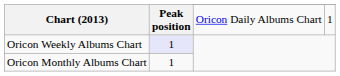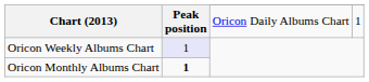 <table class="wikitable sortable" border="1">
 <tr>
 <th rowspan="2">Chart (2013)</th>
 <th rowspan="2">Peak<br>position</th>
 </tr>
 <tr>
 <td><a href='#'>Oricon</a> Daily Albums Chart</td>
 <td style="text-align:center;">1</td>
 </tr>
 <tr>
 <td>Oricon Weekly Albums Chart</td>
 <td style="background: lavender; text-align:center;">1</td>
 </tr>
 <tr>
 <td>Oricon Monthly Albums Chart</td>
-<td style="text-align:center;">1</td>
+<td style="text-align:center;"><strong>1</strong></td>
 </tr>
 </table>
